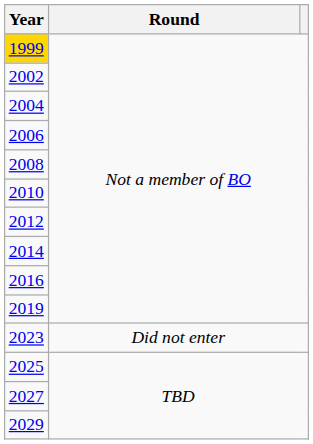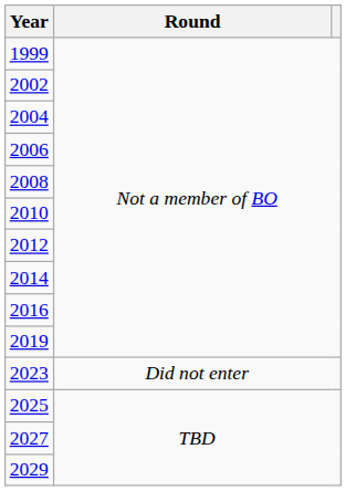 <table class="wikitable" style="text-align: center; font-size:90%">
 <tr>
 <th>Year</th>
 <th style="width:200px">Round</th>
 <th></th>
 </tr>
 <tr>
-<td style="background: gold;"><a href='#'>1999</a></td>
+<td><a href='#'>1999</a></td>
 <td colspan="2" rowspan="10"><em>Not a member of <a href='#'>BO</a></em></td>
 </tr>
 <tr>
 <td><a href='#'>2002</a></td>
 </tr>
 <tr>
 <td><a href='#'>2004</a></td>
 </tr>
 <tr>
 <td><a href='#'>2006</a></td>
 </tr>
 <tr>
 <td><a href='#'>2008</a></td>
 </tr>
 <tr>
 <td><a href='#'>2010</a></td>
 </tr>
 <tr>
 <td><a href='#'>2012</a></td>
 </tr>
 <tr>
 <td><a href='#'>2014</a></td>
 </tr>
 <tr>
 <td><a href='#'>2016</a></td>
 </tr>
 <tr>
 <td><a href='#'>2019</a></td>
 </tr>
 <tr>
 <td><a href='#'>2023</a></td>
 <td colspan="2"><em>Did not enter</em></td>
 </tr>
 <tr>
 <td><a href='#'>2025</a></td>
 <td colspan="2" rowspan="3"><em>TBD</em></td>
 </tr>
 <tr>
 <td><a href='#'>2027</a></td>
 </tr>
 <tr>
 <td><a href='#'>2029</a></td>
 </tr>
 </table>
